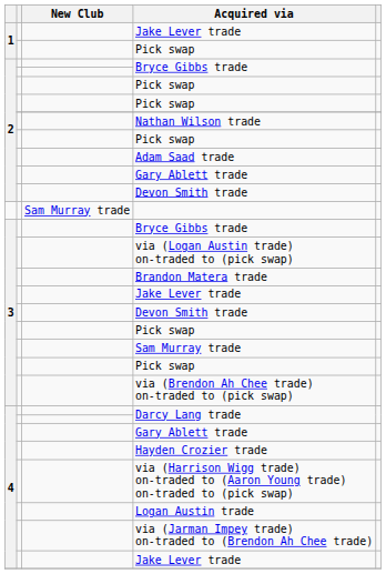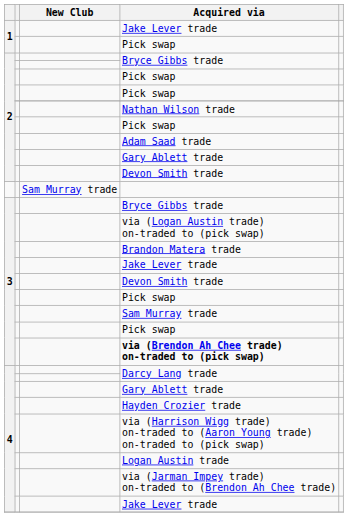 <table class="wikitable sortable plainrowheaders">
 <tr>
 <th scope="col"></th>
 <th scope="col"></th>
 <th scope="col">New Club</th>
 <th class="unsortable">Acquired via</th>
 <th class="unsortable"></th>
 </tr>
 <tr>
 <th scope="row" align=center rowspan=2>1</th>
 <td></td>
 <td></td>
 <td><a href='#'>Jake Lever</a> trade</td>
 <td align=center></td>
 </tr>
 <tr>
 <td></td>
 <td></td>
 <td>Pick swap</td>
 <td align=center></td>
 </tr>
 <tr>
 <th scope="row" rowspan=10>2</th>
 <td></td>
 <td></td>
 <td rowspan=2><a href='#'>Bryce Gibbs</a> trade</td>
 <td rowspan=2 align=center></td>
 </tr>
 <tr>
 <td></td>
 <td></td>
 </tr>
 <tr>
 <td></td>
 <td></td>
 <td>Pick swap</td>
 <td align=center></td>
 </tr>
 <tr>
 <td></td>
 <td></td>
 <td>Pick swap</td>
 <td align=center></td>
 </tr>
 <tr>
 </tr>
 <tr>
 <td></td>
 <td></td>
 <td><a href='#'>Nathan Wilson</a> trade</td>
 <td align=center></td>
 </tr>
 <tr>
 <td></td>
 <td></td>
 <td>Pick swap</td>
 <td align=center></td>
 </tr>
 <tr>
 <td></td>
 <td></td>
 <td><a href='#'>Adam Saad</a> trade</td>
 <td align=center></td>
 </tr>
 <tr>
 <td></td>
 <td></td>
 <td><a href='#'>Gary Ablett</a> trade</td>
 <td align=center></td>
 </tr>
 <tr>
 <td></td>
 <td></td>
 <td><a href='#'>Devon Smith</a> trade</td>
 <td align=center></td>
 </tr>
 <tr>
 <td></td>
 <td></td>
 <td><a href='#'>Sam Murray</a> trade</td>
 <td align=center></td>
 </tr>
 <tr>
 <th scope="row" rowspan=9>3</th>
 <td></td>
 <td></td>
 <td><a href='#'>Bryce Gibbs</a> trade</td>
 <td align=center></td>
 </tr>
 <tr>
 <td></td>
 <td></td>
 <td>via  (<a href='#'>Logan Austin</a> trade)<br>on-traded to  (pick swap)</td>
 <td align=center></td>
 </tr>
 <tr>
 <td></td>
 <td></td>
 <td><a href='#'>Brandon Matera</a> trade</td>
 <td align=center></td>
 </tr>
 <tr>
 <td></td>
 <td></td>
 <td><a href='#'>Jake Lever</a> trade</td>
 <td align=center></td>
 </tr>
 <tr>
 <td></td>
 <td></td>
 <td><a href='#'>Devon Smith</a> trade</td>
 <td align=center></td>
 </tr>
 <tr>
 <td></td>
 <td></td>
 <td>Pick swap</td>
 <td align=center></td>
 </tr>
 <tr>
 <td></td>
 <td></td>
 <td><a href='#'>Sam Murray</a> trade</td>
 <td align=center></td>
 </tr>
 <tr>
 <td></td>
 <td></td>
 <td>Pick swap</td>
 <td align=center></td>
 </tr>
 <tr>
 <td></td>
 <td></td>
-<td>via  (<a href='#'>Brendon Ah Chee</a> trade)<br>on-traded to  (pick swap)</td>
+<td><strong>via  (<a href='#'>Brendon Ah Chee</a> trade)<br>on-traded to  (pick swap)</strong></td>
 <td align=center></td>
 </tr>
 <tr>
 <th scope="row" align=center rowspan=8>4</th>
 <td></td>
 <td></td>
 <td rowspan=2><a href='#'>Darcy Lang</a> trade</td>
 <td rowspan=2 align=center></td>
 </tr>
 <tr>
 <td></td>
 <td></td>
 </tr>
 <tr>
 <td></td>
 <td></td>
 <td><a href='#'>Gary Ablett</a> trade</td>
 <td align=center></td>
 </tr>
 <tr>
 <td></td>
 <td></td>
 <td><a href='#'>Hayden Crozier</a> trade</td>
 <td align=center></td>
 </tr>
 <tr>
 <td></td>
 <td></td>
 <td>via  (<a href='#'>Harrison Wigg</a> trade)<br>on-traded to  (<a href='#'>Aaron Young</a> trade)<br>on-traded to  (pick swap)</td>
 <td align=center></td>
 </tr>
 <tr>
 <td></td>
 <td></td>
 <td><a href='#'>Logan Austin</a> trade</td>
 <td align=center></td>
 </tr>
 <tr>
 <td></td>
 <td></td>
 <td>via  (<a href='#'>Jarman Impey</a> trade)<br>on-traded to  (<a href='#'>Brendon Ah Chee</a> trade)</td>
 <td align=center></td>
 </tr>
 <tr>
 <td></td>
 <td></td>
 <td><a href='#'>Jake Lever</a> trade</td>
 <td align=center></td>
 </tr>
 <tr>
 </tr>
 </table>
